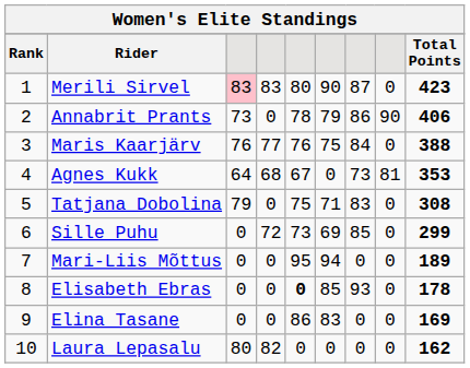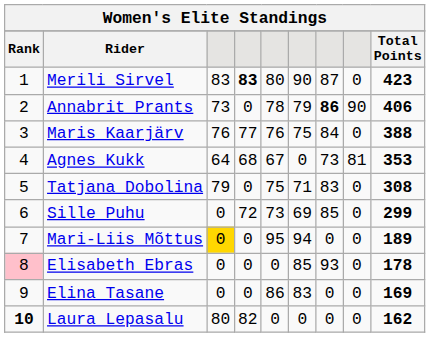 <table class="wikitable sortable">
 <tr>
 <th colspan=27 align="center">Women's Elite Standings</th>
 </tr>
 <tr>
 </tr>
 <tr style="font-size:8pt;font-weight:bold">
 <th align="center">Rank</th>
 <th align="center">Rider</th>
 <th class=unsortable style="background:#E5E4E2;"><small></small></th>
 <th class=unsortable style="background:#E5E4E2;"><small></small></th>
 <th class=unsortable style="background:#E5E4E2;"><small></small></th>
 <th class=unsortable style="background:#E5E4E2;"><small></small></th>
 <th class=unsortable style="background:#E5E4E2;"><small></small></th>
 <th class=unsortable style="background:#E5E4E2;"><small></small></th>
 <th align="center">Total<br>Points</th>
 </tr>
 <tr>
 <td align=center>1</td>
 <td> <a href='#'>Merili Sirvel</a></td>
-<td align=center style="background: pink;">83</td>
 <td align=center>83</td>
+<td align=center><strong>83</strong></td>
 <td align=center>80</td>
 <td align=center>90</td>
 <td align=center>87</td>
 <td align=center>0</td>
 <td align=center><strong>423</strong></td>
 </tr>
 <tr>
 <td align=center>2</td>
 <td> <a href='#'>Annabrit Prants</a></td>
 <td align=center>73</td>
 <td align=center>0</td>
 <td align=center>78</td>
 <td align=center>79</td>
-<td align=center>86</td>
+<td align=center><strong>86</strong></td>
 <td align=center>90</td>
 <td align=center><strong>406</strong></td>
 </tr>
 <tr>
 <td align=center>3</td>
 <td> <a href='#'>Maris Kaarjärv</a></td>
 <td align=center>76</td>
 <td align=center>77</td>
 <td align=center>76</td>
 <td align=center>75</td>
 <td align=center>84</td>
 <td align=center>0</td>
 <td align=center><strong>388</strong></td>
 </tr>
 <tr>
 <td align=center>4</td>
 <td> <a href='#'>Agnes Kukk</a></td>
 <td align=center>64</td>
 <td align=center>68</td>
 <td align=center>67</td>
 <td align=center>0</td>
 <td align=center>73</td>
 <td align=center>81</td>
 <td align=center><strong>353</strong></td>
 </tr>
 <tr>
 <td align=center>5</td>
 <td> <a href='#'>Tatjana Dobolina</a></td>
 <td align=center>79</td>
 <td align=center>0</td>
 <td align=center>75</td>
 <td align=center>71</td>
 <td align=center>83</td>
 <td align=center>0</td>
 <td align=center><strong>308</strong></td>
 </tr>
 <tr>
 <td align=center>6</td>
 <td> <a href='#'>Sille Puhu</a></td>
 <td align=center>0</td>
 <td align=center>72</td>
 <td align=center>73</td>
 <td align=center>69</td>
 <td align=center>85</td>
 <td align=center>0</td>
 <td align=center><strong>299</strong></td>
 </tr>
 <tr>
 <td align=center>7</td>
 <td> <a href='#'>Mari-Liis Mõttus</a></td>
-<td align=center>0</td>
+<td align=center style="background: gold;">0</td>
 <td align=center>0</td>
 <td align=center>95</td>
 <td align=center>94</td>
 <td align=center>0</td>
 <td align=center>0</td>
 <td align=center><strong>189</strong></td>
 </tr>
 <tr>
-<td align=center>8</td>
+<td align=center style="background: pink;">8</td>
 <td> <a href='#'>Elisabeth Ebras</a></td>
 <td align=center>0</td>
 <td align=center>0</td>
-<td align=center><strong>0</strong></td>
+<td align=center>0</td>
 <td align=center>85</td>
 <td align=center>93</td>
 <td align=center>0</td>
 <td align=center><strong>178</strong></td>
 </tr>
 <tr>
 <td align=center>9</td>
 <td> <a href='#'>Elina Tasane</a></td>
 <td align=center>0</td>
 <td align=center>0</td>
 <td align=center>86</td>
 <td align=center>83</td>
 <td align=center>0</td>
 <td align=center>0</td>
 <td align=center><strong>169</strong></td>
 </tr>
 <tr>
-<td align=center>10</td>
+<td align=center><strong>10</strong></td>
 <td> <a href='#'>Laura Lepasalu</a></td>
 <td align=center>80</td>
 <td align=center>82</td>
 <td align=center>0</td>
 <td align=center>0</td>
 <td align=center>0</td>
 <td align=center>0</td>
 <td align=center><strong>162</strong></td>
 </tr>
 </table>
